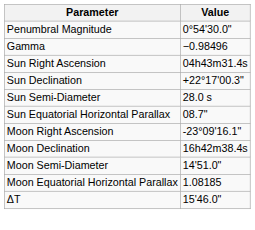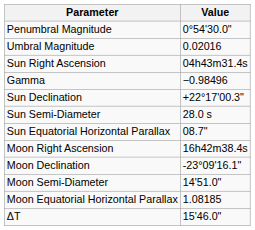 <table class="wikitable">
 <tr>
 <th>Parameter</th>
 <th>Value</th>
 </tr>
 <tr>
 <td>Penumbral Magnitude</td>
 <td>0°54'30.0"</td>
 </tr>
 <tr>
-<td>Gamma</td>
-<td>−0.98496</td>
+<td>Umbral Magnitude</td>
+<td>0.02016</td>
 </tr>
 <tr>
 <td>Sun Right Ascension</td>
 <td>04h43m31.4s</td>
+</tr>
+<tr>
+<td>Gamma</td>
+<td>−0.98496</td>
 </tr>
 <tr>
 <td>Sun Declination</td>
 <td>+22°17'00.3"</td>
 </tr>
 <tr>
 <td>Sun Semi-Diameter</td>
 <td>28.0 s</td>
 </tr>
 <tr>
 <td>Sun Equatorial Horizontal Parallax</td>
 <td>08.7"</td>
 </tr>
 <tr>
 <td>Moon Right Ascension</td>
-<td>-23°09'16.1"</td>
+<td>16h42m38.4s</td>
 </tr>
 <tr>
 <td>Moon Declination</td>
-<td>16h42m38.4s</td>
+<td>-23°09'16.1"</td>
 </tr>
 <tr>
 <td>Moon Semi-Diameter</td>
 <td>14'51.0"</td>
 </tr>
 <tr>
 <td>Moon Equatorial Horizontal Parallax</td>
 <td>1.08185</td>
 </tr>
 <tr>
 <td>ΔT</td>
 <td>15'46.0"</td>
 </tr>
 </table>
